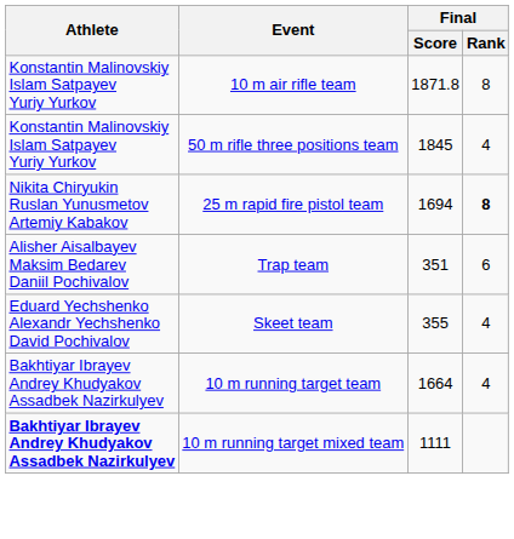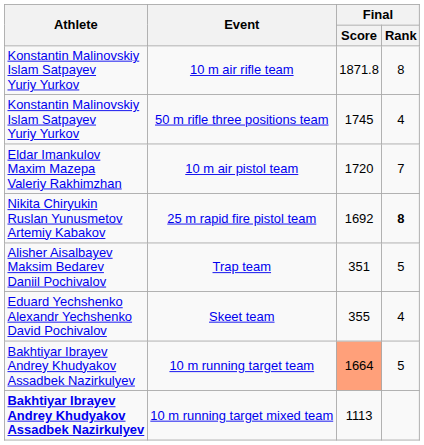 <table class="wikitable" style="text-align:center; font-size:90%">
 <tr>
 <th rowspan="2">Athlete</th>
 <th rowspan="2">Event</th>
 <th colspan="2">Final</th>
 </tr>
 <tr>
 <th>Score</th>
 <th>Rank</th>
 </tr>
 <tr>
 <td style="text-align:left"><a href='#'>Konstantin Malinovskiy</a><br><a href='#'>Islam Satpayev</a><br><a href='#'>Yuriy Yurkov</a></td>
 <td><a href='#'>10 m air rifle team</a></td>
 <td>1871.8</td>
 <td>8</td>
 </tr>
 <tr>
 <td style="text-align:left"><a href='#'>Konstantin Malinovskiy</a><br><a href='#'>Islam Satpayev</a><br><a href='#'>Yuriy Yurkov</a></td>
 <td><a href='#'>50 m rifle three positions team</a></td>
-<td>1845</td>
+<td>1745</td>
 <td>4</td>
+</tr>
+<tr>
+<td style="text-align:left"><a href='#'>Eldar Imankulov</a><br><a href='#'>Maxim Mazepa</a><br><a href='#'>Valeriy Rakhimzhan</a></td>
+<td><a href='#'>10 m air pistol team</a></td>
+<td>1720</td>
+<td>7</td>
 </tr>
 <tr>
 <td style="text-align:left"><a href='#'>Nikita Chiryukin</a><br><a href='#'>Ruslan Yunusmetov</a><br><a href='#'>Artemiy Kabakov</a></td>
 <td><a href='#'>25 m rapid fire pistol team</a></td>
-<td>1694</td>
+<td>1692</td>
 <td><strong>8</strong></td>
 </tr>
 <tr>
 <td align=left><a href='#'>Alisher Aisalbayev</a><br><a href='#'>Maksim Bedarev</a><br><a href='#'>Daniil Pochivalov</a></td>
 <td><a href='#'>Trap team</a></td>
 <td>351</td>
-<td>6</td>
+<td>5</td>
 </tr>
 <tr>
 <td align=left><a href='#'>Eduard Yechshenko</a><br><a href='#'>Alexandr Yechshenko</a><br><a href='#'>David Pochivalov</a></td>
 <td><a href='#'>Skeet team</a></td>
 <td>355</td>
 <td>4</td>
 </tr>
 <tr>
 <td align=left><a href='#'>Bakhtiyar Ibrayev</a><br><a href='#'>Andrey Khudyakov</a><br><a href='#'>Assadbek Nazirkulyev</a></td>
 <td><a href='#'>10 m running target team</a></td>
-<td>1664</td>
-<td>4</td>
+<td style="background: lightsalmon;">1664</td>
+<td>5</td>
 </tr>
 <tr>
 <td align=left><strong><a href='#'>Bakhtiyar Ibrayev</a><br><a href='#'>Andrey Khudyakov</a><br><a href='#'>Assadbek Nazirkulyev</a></strong></td>
 <td><a href='#'>10 m running target mixed team</a></td>
-<td>1111</td>
+<td>1113</td>
 <td></td>
 </tr>
 </table>
